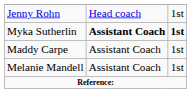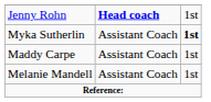 <table class="wikitable" style="font-size:93%;">
 <tr>
 </tr>
 <tr>
 <td><a href='#'>Jenny Rohn</a></td>
-<td><a href='#'>Head coach</a></td>
+<td><strong><a href='#'>Head coach</a></strong></td>
 <td align=center>1st</td>
 </tr>
 <tr>
 <td>Myka Sutherlin</td>
-<td><strong>Assistant Coach</strong></td>
+<td>Assistant Coach</td>
 <td align=center><strong>1st</strong></td>
 </tr>
 <tr>
 <td>Maddy Carpe</td>
 <td>Assistant Coach</td>
 <td align=center>1st</td>
 </tr>
 <tr>
 <td>Melanie Mandell</td>
 <td>Assistant Coach</td>
 <td align=center>1st</td>
 </tr>
 <tr>
 <td colspan="4"  style="font-size:8pt; text-align:center;"><strong>Reference:</strong></td>
 </tr>
 </table>
